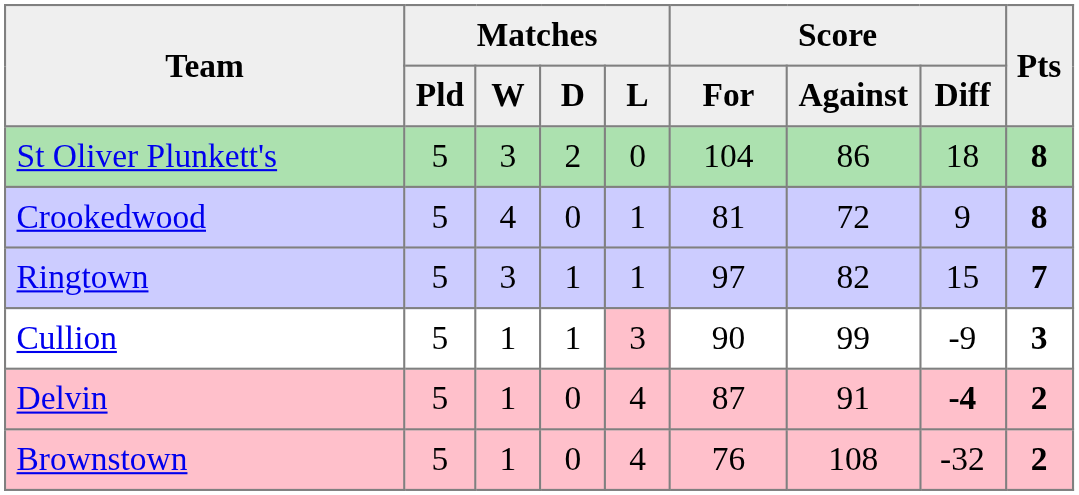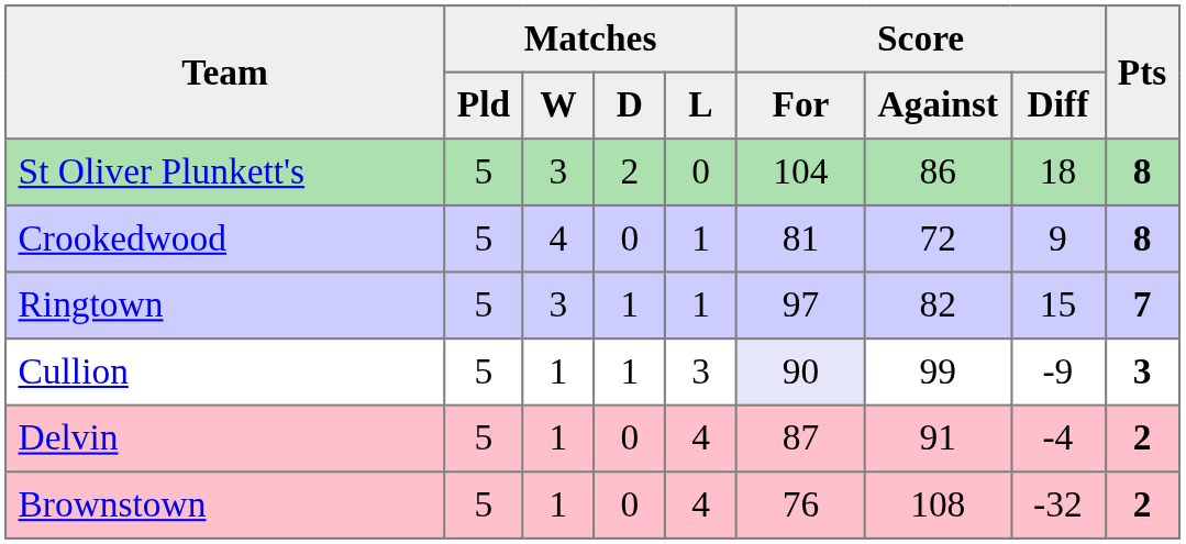 <table style="border-collapse:collapse" border="1" cellspacing="0" cellpadding="5">
 <tr align="center" bgcolor="#efefef">
 <th rowspan="2" width="180">Team</th>
 <th colspan="4">Matches</th>
 <th colspan="3">Score</th>
 <th rowspan=2width=20>Pts</th>
 </tr>
 <tr align="center" bgcolor="#efefef">
 <th width="20">Pld</th>
 <th width="20">W</th>
 <th width="20">D</th>
 <th width="20">L</th>
 <th width="45">For</th>
 <th width="45">Against</th>
 <th width="30">Diff</th>
 </tr>
 <tr align="center" style="background:#ACE1AF;">
 <td style="text-align:left;"> <a href='#'>St Oliver Plunkett's</a></td>
 <td>5</td>
 <td>3</td>
 <td>2</td>
 <td>0</td>
 <td>104</td>
 <td>86</td>
 <td>18</td>
 <td><strong>8</strong></td>
 </tr>
 <tr align="center" style="background:#ccccff;">
 <td style="text-align:left;"> <a href='#'>Crookedwood</a></td>
 <td>5</td>
 <td>4</td>
 <td>0</td>
 <td>1</td>
 <td>81</td>
 <td>72</td>
 <td>9</td>
 <td><strong>8</strong></td>
 </tr>
 <tr align="center" style="background:#ccccff;">
 <td style="text-align:left;"> <a href='#'>Ringtown</a></td>
 <td>5</td>
 <td>3</td>
 <td>1</td>
 <td>1</td>
 <td>97</td>
 <td>82</td>
 <td>15</td>
 <td><strong>7</strong></td>
 </tr>
 <tr align="center">
 <td style="text-align:left;"> <a href='#'>Cullion</a></td>
 <td>5</td>
 <td>1</td>
 <td>1</td>
-<td style="background: pink;">3</td>
-<td>90</td>
+<td>3</td>
+<td style="background: lavender;">90</td>
 <td>99</td>
 <td>-9</td>
 <td><strong>3</strong></td>
 </tr>
 <tr align="center" style="background:#FFC0CB;">
 <td style="text-align:left;"> <a href='#'>Delvin</a></td>
 <td>5</td>
 <td>1</td>
 <td>0</td>
 <td>4</td>
 <td>87</td>
 <td>91</td>
-<td><strong>-4</strong></td>
+<td>-4</td>
 <td><strong>2</strong></td>
 </tr>
 <tr align="center" style="background:#FFC0CB;">
 <td style="text-align:left;"> <a href='#'>Brownstown</a></td>
 <td>5</td>
 <td>1</td>
 <td>0</td>
 <td>4</td>
 <td>76</td>
 <td>108</td>
 <td>-32</td>
 <td><strong>2</strong></td>
 </tr>
 </table>
